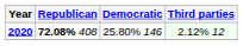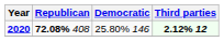 <table class="wikitable" style="float:right; font-size:95%;">
 <tr bgcolor=lightgrey>
 <th>Year</th>
 <th><a href='#'>Republican</a></th>
 <th><a href='#'>Democratic</a></th>
 <th><a href='#'>Third parties</a></th>
 </tr>
 <tr>
 <td style="text-align:center;" ><strong><a href='#'>2020</a></strong></td>
 <td style="text-align:center;" ><strong>72.08%</strong> <em>408</em></td>
 <td style="text-align:center;" >25.80% <em>146</em></td>
-<td style="text-align:center; background:honeyDew;">2.12% <em>12</em></td>
+<td style="text-align:center; background:honeyDew;"><strong>2.12% <em>12</em></strong></td>
 </tr>
 <tr>
 </tr>
 </table>
